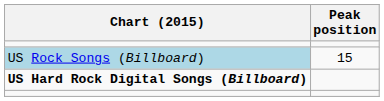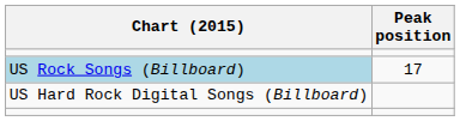 <table class="wikitable sortable">
 <tr>
 <th>Chart (2015)</th>
 <th>Peak<br>position</th>
 </tr>
 <tr>
 <td></td>
 </tr>
 <tr>
 <td style="background: lightblue;">US <a href='#'>Rock Songs</a> (<em>Billboard</em>)</td>
-<td align="center">15</td>
+<td align="center">17</td>
 </tr>
 <tr>
-<td scope="row"><strong>US Hard Rock Digital Songs (<em>Billboard</em>)</strong></td>
+<td scope="row">US Hard Rock Digital Songs (<em>Billboard</em>)</td>
 <td></td>
 </tr>
 <tr>
 <td></td>
 </tr>
 </table>
